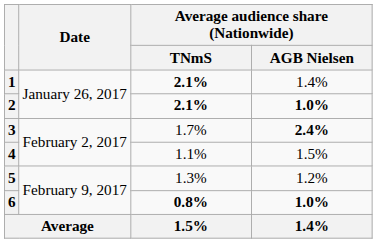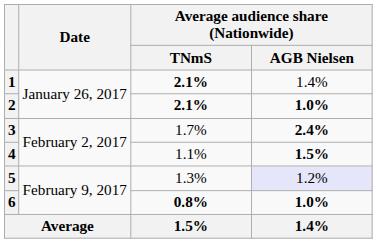 <table class="wikitable" style="text-align:center;">
 <tr>
 <th rowspan="2"></th>
 <th rowspan="2">Date</th>
 <th colspan="2">Average audience share (Nationwide)</th>
 </tr>
 <tr>
 <th width="120">TNmS</th>
 <th width="120">AGB Nielsen</th>
 </tr>
 <tr>
 <th>1</th>
 <td rowspan="2">January 26, 2017</td>
 <td><span><strong>2.1%</strong></span> </td>
 <td>1.4% </td>
 </tr>
 <tr>
 <th>2</th>
 <td><span><strong>2.1%</strong></span> </td>
 <td><span><strong>1.0%</strong></span> </td>
 </tr>
 <tr>
 <th>3</th>
 <td rowspan="2">February 2, 2017</td>
 <td>1.7% </td>
 <td><span><strong>2.4%</strong></span> </td>
 </tr>
 <tr>
 <th>4</th>
 <td>1.1% </td>
-<td>1.5% </td>
+<td><strong>1.5% </strong></td>
 </tr>
 <tr>
 <th>5</th>
 <td rowspan="2">February 9, 2017</td>
 <td>1.3% </td>
-<td>1.2% </td>
+<td style="background: lavender;">1.2% </td>
 </tr>
 <tr>
 <th>6</th>
 <td><span><strong>0.8%</strong></span> </td>
 <td><span><strong>1.0%</strong></span> </td>
 </tr>
 <tr>
 <th colspan="2">Average</th>
 <th>1.5%</th>
 <th>1.4%</th>
 </tr>
 </table>
